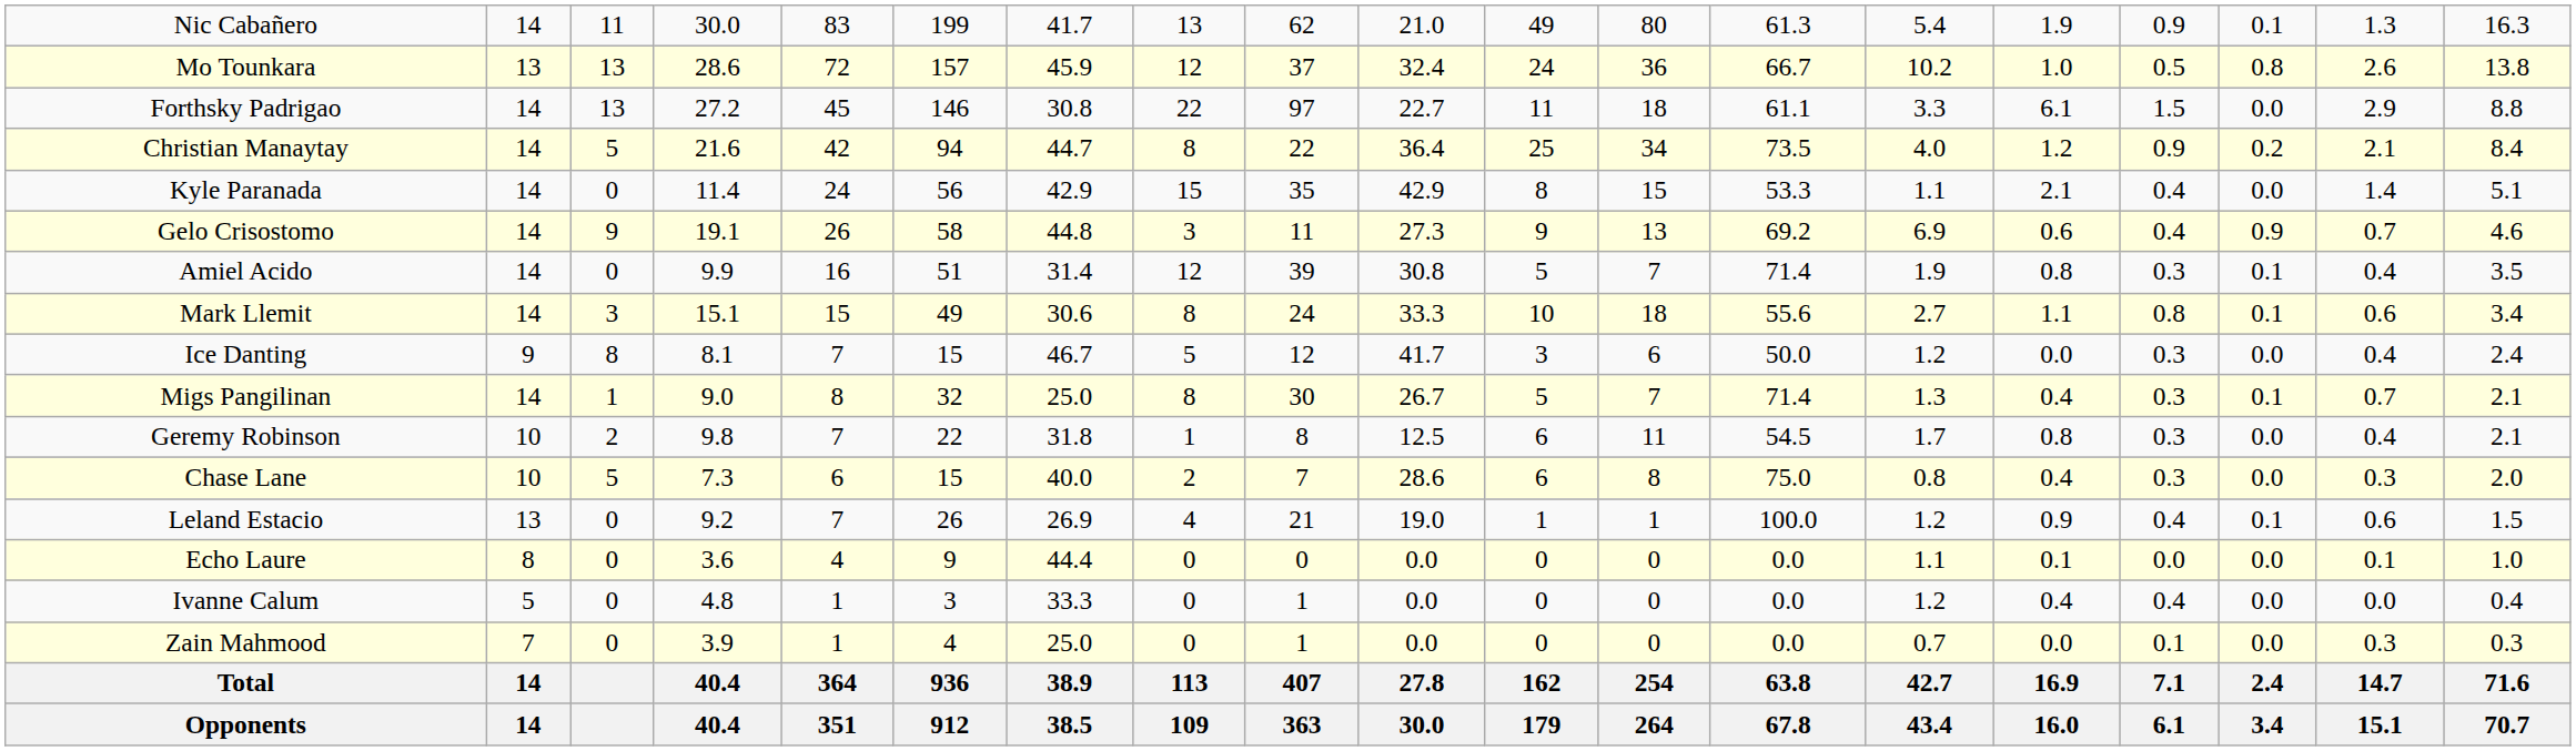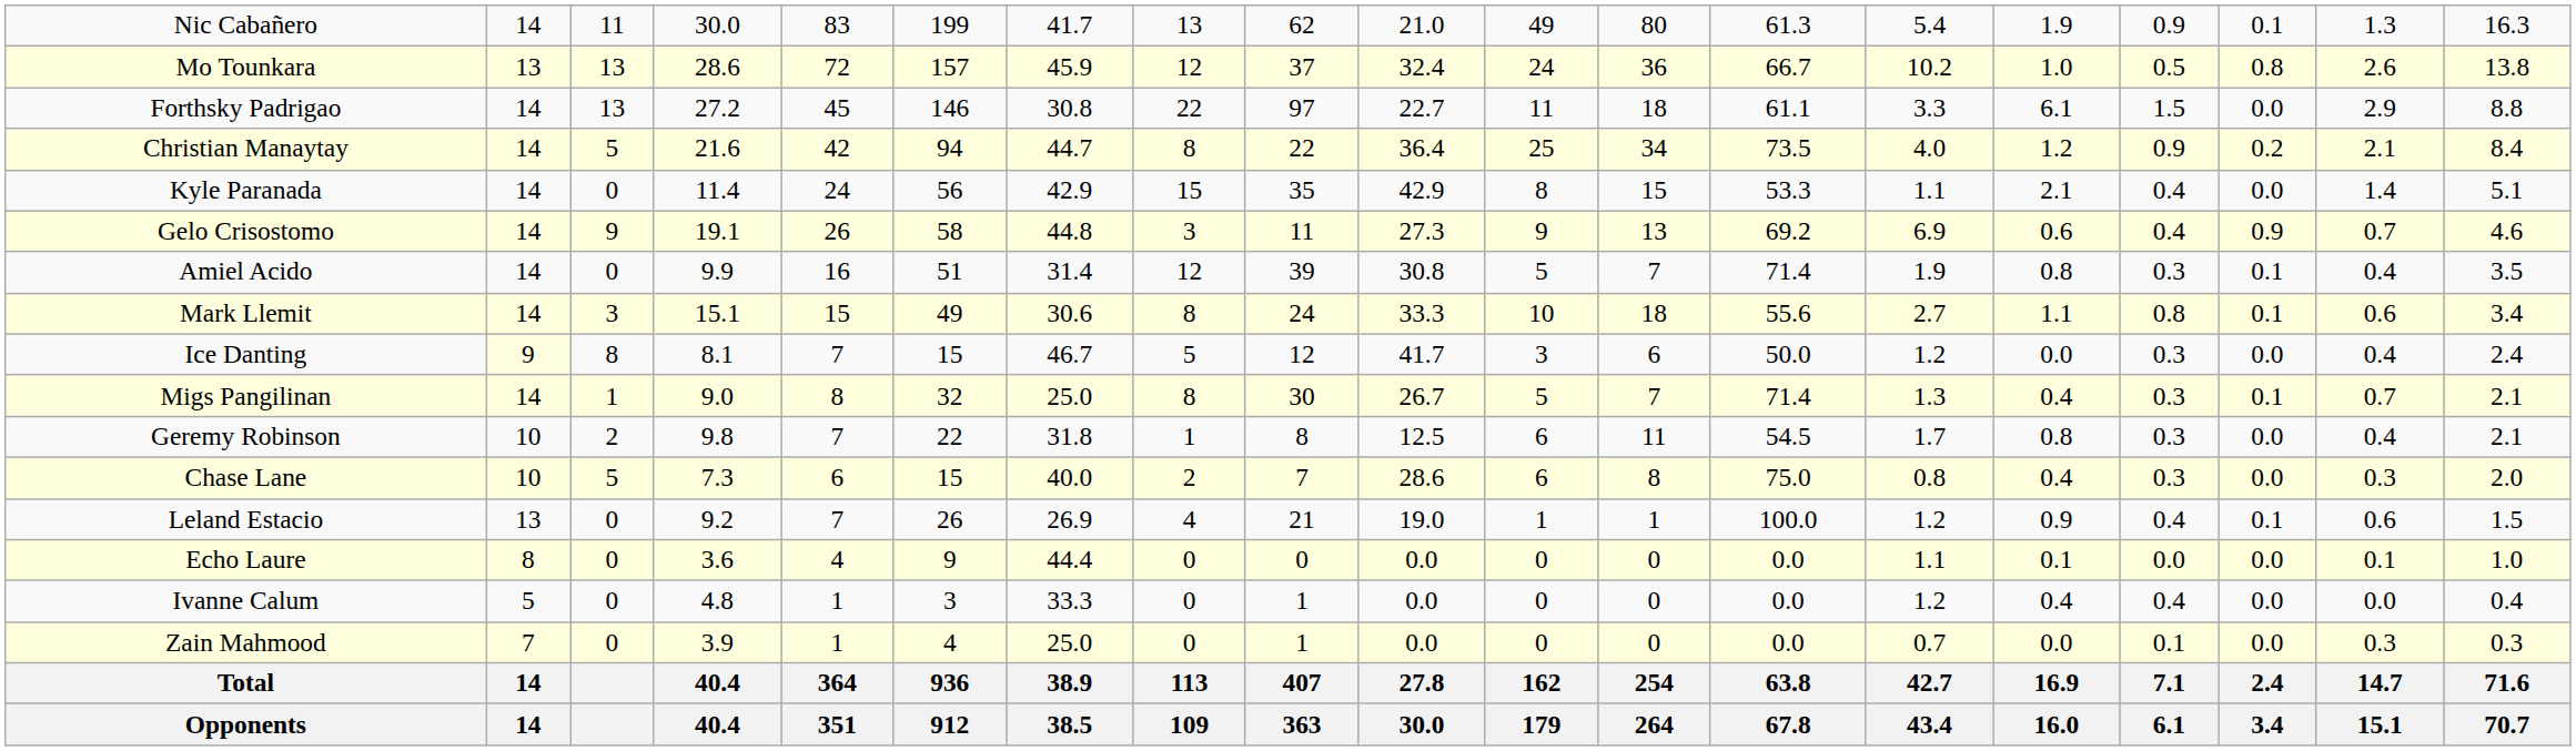 <table class=wikitable width=100%>
 <tr align=center>
 <td>Nic Cabañero</td>
 <td>14</td>
 <td>11</td>
 <td style=>30.0</td>
 <td style=>83</td>
 <td style=>199</td>
 <td>41.7</td>
 <td>13</td>
 <td>62</td>
 <td>21.0</td>
 <td style=>49</td>
 <td style=>80</td>
 <td>61.3</td>
 <td>5.4</td>
 <td>1.9</td>
 <td>0.9</td>
 <td>0.1</td>
 <td>1.3</td>
 <td style=>16.3</td>
 </tr>
 <tr bgcolor=#ffffdd align=center>
 <td>Mo Tounkara</td>
 <td>13</td>
 <td>13</td>
 <td>28.6</td>
 <td>72</td>
 <td>157</td>
 <td>45.9</td>
 <td>12</td>
 <td>37</td>
 <td>32.4</td>
 <td>24</td>
 <td>36</td>
 <td>66.7</td>
 <td style=>10.2</td>
 <td>1.0</td>
 <td>0.5</td>
 <td>0.8</td>
 <td>2.6</td>
 <td>13.8</td>
 </tr>
 <tr align=center>
 <td>Forthsky Padrigao</td>
 <td>14</td>
 <td>13</td>
 <td>27.2</td>
 <td>45</td>
 <td>146</td>
 <td>30.8</td>
 <td style=>22</td>
 <td style=>97</td>
 <td>22.7</td>
 <td>11</td>
 <td>18</td>
 <td>61.1</td>
 <td>3.3</td>
 <td style=>6.1</td>
 <td style=>1.5</td>
 <td>0.0</td>
 <td>2.9</td>
 <td>8.8</td>
 </tr>
 <tr bgcolor=#ffffdd align=center>
 <td>Christian Manaytay</td>
 <td>14</td>
 <td>5</td>
 <td>21.6</td>
 <td>42</td>
 <td>94</td>
 <td>44.7</td>
 <td>8</td>
 <td>22</td>
 <td>36.4</td>
 <td>25</td>
 <td>34</td>
 <td>73.5</td>
 <td>4.0</td>
 <td>1.2</td>
 <td>0.9</td>
 <td>0.2</td>
 <td>2.1</td>
 <td>8.4</td>
 </tr>
 <tr align=center>
 <td>Kyle Paranada</td>
 <td>14</td>
 <td>0</td>
 <td>11.4</td>
 <td>24</td>
 <td>56</td>
 <td>42.9</td>
 <td>15</td>
 <td>35</td>
 <td style=>42.9</td>
 <td>8</td>
 <td>15</td>
 <td>53.3</td>
 <td>1.1</td>
 <td>2.1</td>
 <td>0.4</td>
 <td>0.0</td>
 <td>1.4</td>
 <td>5.1</td>
 </tr>
 <tr bgcolor=#ffffdd align=center>
 <td>Gelo Crisostomo</td>
 <td>14</td>
 <td>9</td>
 <td>19.1</td>
 <td>26</td>
 <td>58</td>
 <td>44.8</td>
 <td>3</td>
 <td>11</td>
 <td>27.3</td>
 <td>9</td>
 <td>13</td>
 <td>69.2</td>
 <td>6.9</td>
 <td>0.6</td>
 <td>0.4</td>
 <td style=>0.9</td>
 <td>0.7</td>
 <td>4.6</td>
 </tr>
 <tr align=center>
 <td>Amiel Acido</td>
 <td>14</td>
 <td>0</td>
 <td>9.9</td>
 <td>16</td>
 <td>51</td>
 <td>31.4</td>
 <td>12</td>
 <td>39</td>
 <td>30.8</td>
 <td>5</td>
 <td>7</td>
 <td>71.4</td>
 <td>1.9</td>
 <td>0.8</td>
 <td>0.3</td>
 <td>0.1</td>
 <td>0.4</td>
 <td>3.5</td>
 </tr>
 <tr bgcolor=#ffffdd align=center>
 <td>Mark Llemit</td>
 <td>14</td>
 <td>3</td>
 <td>15.1</td>
 <td>15</td>
 <td>49</td>
 <td>30.6</td>
 <td>8</td>
 <td>24</td>
 <td>33.3</td>
 <td>10</td>
 <td>18</td>
 <td>55.6</td>
 <td>2.7</td>
 <td>1.1</td>
 <td>0.8</td>
 <td>0.1</td>
 <td>0.6</td>
 <td>3.4</td>
 </tr>
 <tr align=center>
 <td>Ice Danting</td>
-<td>9</td>
+<td style="background: lightyellow;">9</td>
 <td>8</td>
 <td>8.1</td>
 <td>7</td>
 <td>15</td>
 <td style=>46.7</td>
 <td>5</td>
 <td>12</td>
 <td>41.7</td>
 <td>3</td>
 <td>6</td>
 <td>50.0</td>
 <td>1.2</td>
 <td>0.0</td>
 <td>0.3</td>
 <td>0.0</td>
 <td>0.4</td>
 <td>2.4</td>
 </tr>
 <tr bgcolor=#ffffdd align=center>
 <td>Migs Pangilinan</td>
 <td>14</td>
 <td>1</td>
 <td>9.0</td>
 <td>8</td>
 <td>32</td>
 <td>25.0</td>
 <td>8</td>
 <td>30</td>
 <td>26.7</td>
 <td>5</td>
 <td>7</td>
 <td>71.4</td>
 <td>1.3</td>
 <td>0.4</td>
 <td>0.3</td>
 <td>0.1</td>
 <td>0.7</td>
 <td>2.1</td>
 </tr>
 <tr align=center>
 <td>Geremy Robinson</td>
 <td>10</td>
 <td>2</td>
 <td>9.8</td>
 <td>7</td>
 <td>22</td>
 <td>31.8</td>
 <td>1</td>
 <td>8</td>
 <td>12.5</td>
 <td>6</td>
 <td>11</td>
 <td>54.5</td>
 <td>1.7</td>
 <td>0.8</td>
 <td>0.3</td>
 <td>0.0</td>
 <td>0.4</td>
 <td>2.1</td>
 </tr>
 <tr bgcolor=#ffffdd align=center>
 <td>Chase Lane</td>
 <td>10</td>
 <td>5</td>
 <td>7.3</td>
 <td>6</td>
 <td>15</td>
 <td>40.0</td>
 <td>2</td>
 <td>7</td>
 <td>28.6</td>
 <td>6</td>
 <td>8</td>
 <td>75.0</td>
 <td>0.8</td>
 <td>0.4</td>
 <td>0.3</td>
 <td>0.0</td>
 <td>0.3</td>
 <td>2.0</td>
 </tr>
 <tr align=center>
 <td>Leland Estacio</td>
 <td>13</td>
 <td>0</td>
 <td>9.2</td>
 <td>7</td>
 <td>26</td>
 <td>26.9</td>
 <td>4</td>
 <td>21</td>
 <td>19.0</td>
 <td>1</td>
 <td>1</td>
 <td style=>100.0</td>
 <td>1.2</td>
 <td>0.9</td>
 <td>0.4</td>
 <td>0.1</td>
 <td>0.6</td>
 <td>1.5</td>
 </tr>
 <tr bgcolor=#ffffdd align=center>
 <td>Echo Laure</td>
 <td>8</td>
 <td>0</td>
 <td>3.6</td>
 <td>4</td>
 <td>9</td>
 <td>44.4</td>
 <td>0</td>
 <td>0</td>
 <td>0.0</td>
 <td>0</td>
 <td>0</td>
 <td>0.0</td>
 <td>1.1</td>
 <td>0.1</td>
 <td>0.0</td>
 <td>0.0</td>
 <td>0.1</td>
 <td>1.0</td>
 </tr>
 <tr align=center>
 <td>Ivanne Calum</td>
 <td>5</td>
 <td>0</td>
 <td>4.8</td>
 <td>1</td>
 <td>3</td>
 <td>33.3</td>
 <td>0</td>
 <td>1</td>
 <td>0.0</td>
 <td>0</td>
 <td>0</td>
 <td>0.0</td>
 <td>1.2</td>
 <td>0.4</td>
 <td>0.4</td>
 <td>0.0</td>
 <td>0.0</td>
 <td>0.4</td>
 </tr>
 <tr bgcolor=#ffffdd align=center>
 <td>Zain Mahmood</td>
 <td>7</td>
 <td>0</td>
 <td>3.9</td>
 <td>1</td>
 <td>4</td>
 <td>25.0</td>
 <td>0</td>
 <td>1</td>
 <td>0.0</td>
 <td>0</td>
 <td>0</td>
 <td>0.0</td>
 <td>0.7</td>
 <td>0.0</td>
 <td>0.1</td>
 <td>0.0</td>
 <td>0.3</td>
 <td>0.3</td>
 </tr>
 <tr class=sortbottom>
 <th>Total</th>
 <th>14</th>
 <th></th>
 <th>40.4</th>
 <th>364</th>
 <th>936</th>
 <th>38.9</th>
 <th>113</th>
 <th>407</th>
 <th>27.8</th>
 <th>162</th>
 <th>254</th>
 <th>63.8</th>
 <th>42.7</th>
 <th>16.9</th>
 <th>7.1</th>
 <th>2.4</th>
 <th>14.7</th>
 <th>71.6</th>
 </tr>
 <tr class=sortbottom>
 <th>Opponents</th>
 <th>14</th>
 <th></th>
 <th>40.4</th>
 <th>351</th>
 <th>912</th>
 <th>38.5</th>
 <th>109</th>
 <th>363</th>
 <th>30.0</th>
 <th>179</th>
 <th>264</th>
 <th>67.8</th>
 <th>43.4</th>
 <th>16.0</th>
 <th>6.1</th>
 <th>3.4</th>
 <th>15.1</th>
 <th>70.7</th>
 </tr>
 </table>
